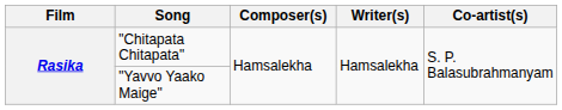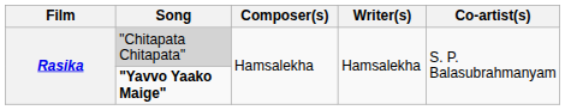 <table class="wikitable plainrowheaders" width="100%" textcolor:#000;">
 <tr style="background:#b0e0e66;">
 <th scope="col" width=23%><strong>Film</strong></th>
 <th scope="col" width=23%><strong>Song</strong></th>
 <th scope="col" width=20%><strong>Composer(s)</strong></th>
 <th scope="col" width=16%><strong>Writer(s)</strong></th>
 <th scope="col" width=18%><strong>Co-artist(s)</strong></th>
 </tr>
 <tr>
 <th rowspan=2><em><a href='#'>Rasika</a></em></th>
-<td>"Chitapata Chitapata"</td>
+<td style="background: lightgrey;">"Chitapata Chitapata"</td>
 <td rowspan=2>Hamsalekha</td>
 <td rowspan=2>Hamsalekha</td>
 <td Rowspan=2>S. P. Balasubrahmanyam</td>
 </tr>
 <tr>
-<td>"Yavvo Yaako Maige"</td>
+<td><strong>"Yavvo Yaako Maige"</strong></td>
 </tr>
 </table>
